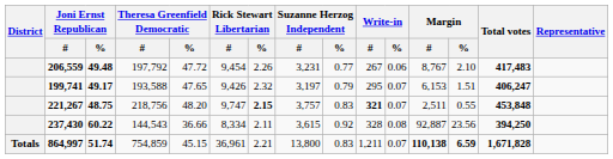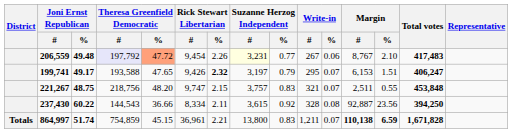 <table class="wikitable sortable" style="text-align:right;font-size:90%;line-height:1.3">
 <tr>
 <th rowspan=2><a href='#'>District</a></th>
 <th colspan=2><a href='#'>Joni Ernst</a><br><a href='#'>Republican</a></th>
 <th colspan=2><a href='#'>Theresa Greenfield</a><br><a href='#'>Democratic</a></th>
 <th colspan=2>Rick Stewart<br><a href='#'>Libertarian</a></th>
 <th colspan=2>Suzanne Herzog<br><a href='#'>Independent</a></th>
 <th colspan=2><a href='#'>Write-in</a></th>
 <th colspan=2>Margin</th>
 <th rowspan=2>Total votes</th>
 <th rowspan=2><a href='#'>Representative</a><br></th>
 </tr>
 <tr>
 <th data-sort-type="number">#</th>
 <th data-sort-type="number">%</th>
 <th data-sort-type="number">#</th>
 <th data-sort-type="number">%</th>
 <th data-sort-type="number">#</th>
 <th data-sort-type="number">%</th>
 <th data-sort-type="number">#</th>
 <th data-sort-type="number">%</th>
 <th data-sort-type="number">#</th>
 <th data-sort-type="number">%</th>
 <th data-sort-type="number">#</th>
 <th data-sort-type="number">%</th>
 </tr>
 <tr>
 <th></th>
 <td><strong>206,559</strong></td>
 <td><strong>49.48</strong></td>
-<td>197,792</td>
-<td>47.72</td>
+<td style="background: lavender;">197,792</td>
+<td style="background: lightsalmon;">47.72</td>
 <td>9,454</td>
 <td>2.26</td>
-<td>3,231</td>
+<td style="background: lightyellow;">3,231</td>
 <td>0.77</td>
 <td>267</td>
 <td>0.06</td>
 <td>8,767</td>
 <td>2.10</td>
 <td><strong>417,483</strong></td>
 <td align=center ></td>
 </tr>
 <tr>
 <th></th>
 <td><strong>199,741</strong></td>
 <td><strong>49.17</strong></td>
 <td>193,588</td>
 <td>47.65</td>
 <td>9,426</td>
-<td>2.32</td>
+<td><strong>2.32</strong></td>
 <td>3,197</td>
 <td>0.79</td>
 <td>295</td>
 <td>0.07</td>
 <td>6,153</td>
 <td>1.51</td>
 <td><strong>406,247</strong></td>
 <td align=center ></td>
 </tr>
 <tr>
 <th></th>
 <td><strong>221,267</strong></td>
 <td><strong>48.75</strong></td>
 <td>218,756</td>
 <td>48.20</td>
 <td>9,747</td>
-<td><strong>2.15</strong></td>
+<td>2.15</td>
 <td>3,757</td>
 <td>0.83</td>
-<td><strong>321</strong></td>
+<td>321</td>
 <td>0.07</td>
 <td>2,511</td>
 <td>0.55</td>
 <td><strong>453,848</strong></td>
 <td align=center ></td>
 </tr>
 <tr>
 <th></th>
 <td><strong>237,430</strong></td>
 <td><strong>60.22</strong></td>
 <td>144,543</td>
 <td>36.66</td>
 <td>8,334</td>
 <td>2.11</td>
 <td>3,615</td>
 <td>0.92</td>
 <td>328</td>
 <td>0.08</td>
 <td>92,887</td>
 <td>23.56</td>
 <td><strong>394,250</strong></td>
 <td align=center ></td>
 </tr>
 <tr class="sortbottom">
 <th>Totals</th>
 <td><strong>864,997</strong></td>
 <td><strong>51.74</strong></td>
 <td>754,859</td>
 <td>45.15</td>
 <td>36,961</td>
 <td>2.21</td>
 <td>13,800</td>
 <td>0.83</td>
 <td>1,211</td>
 <td>0.07</td>
 <td><strong>110,138</strong></td>
 <td><strong>6.59</strong></td>
 <td><strong>1,671,828</strong></td>
 </tr>
 </table>
